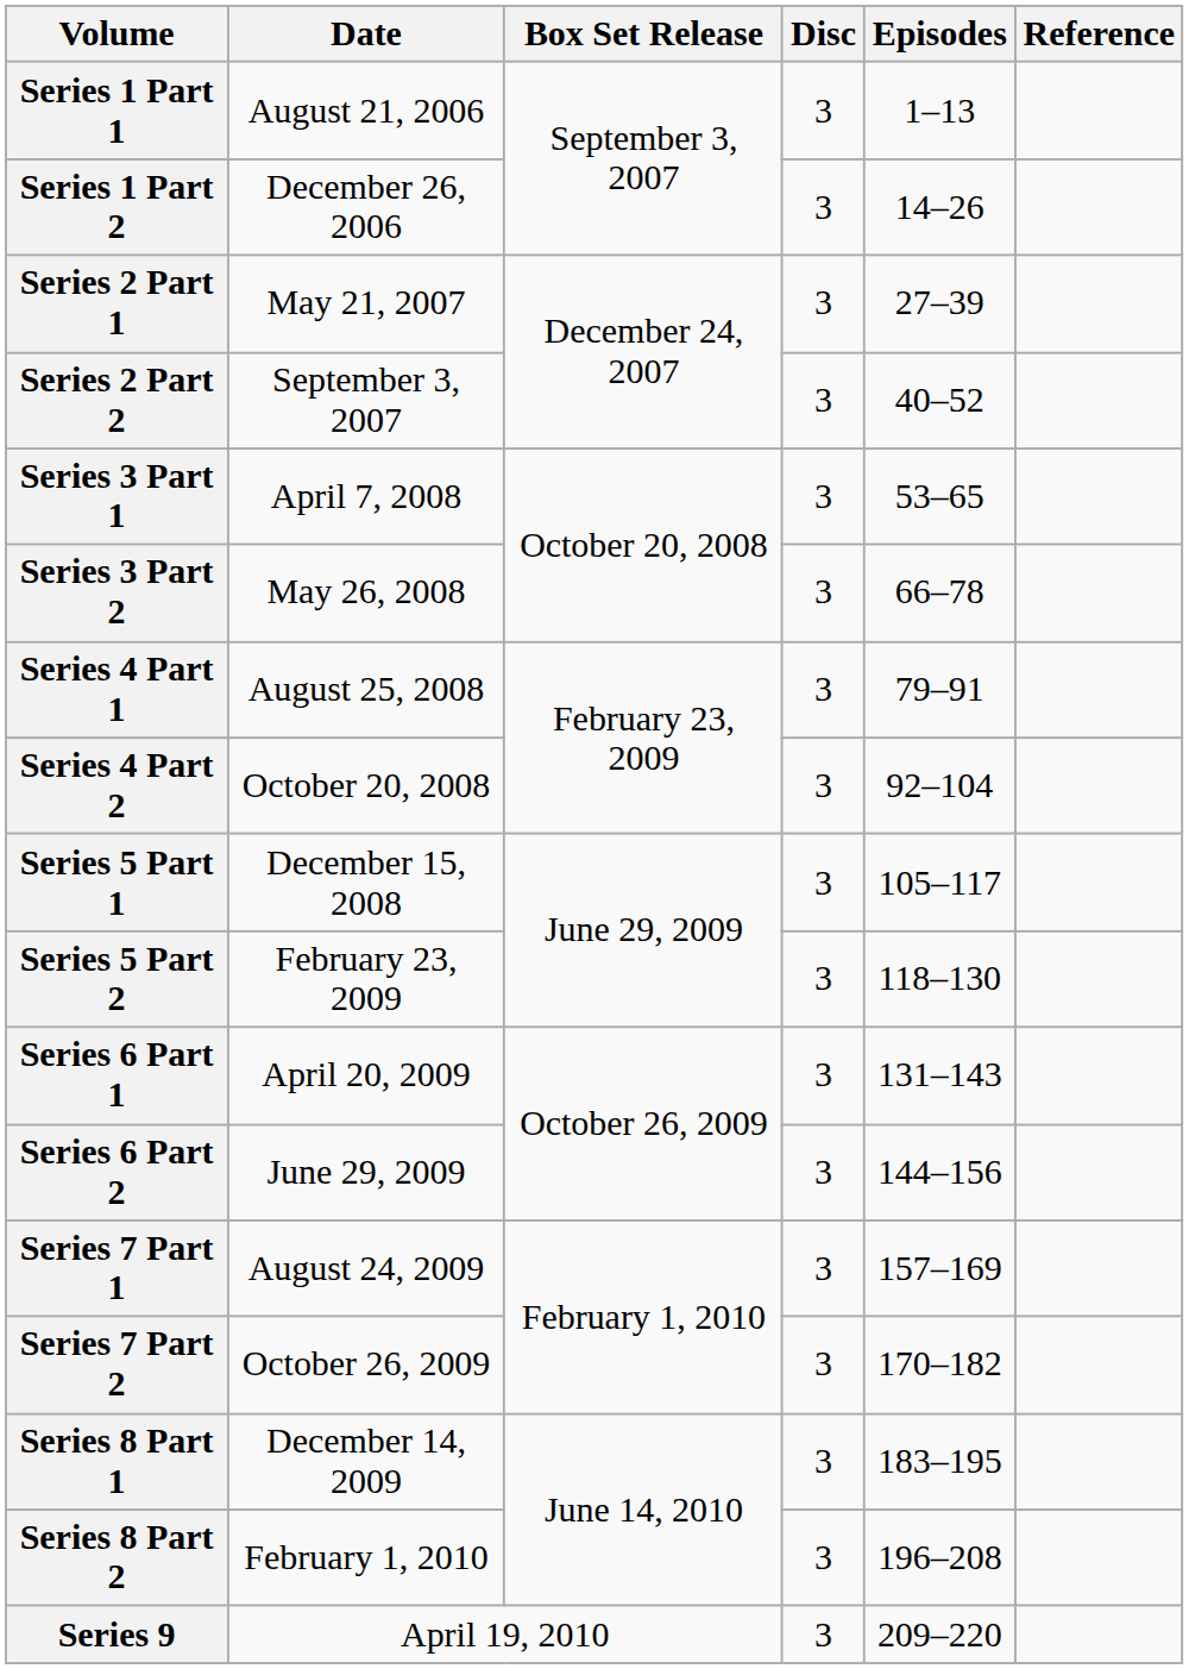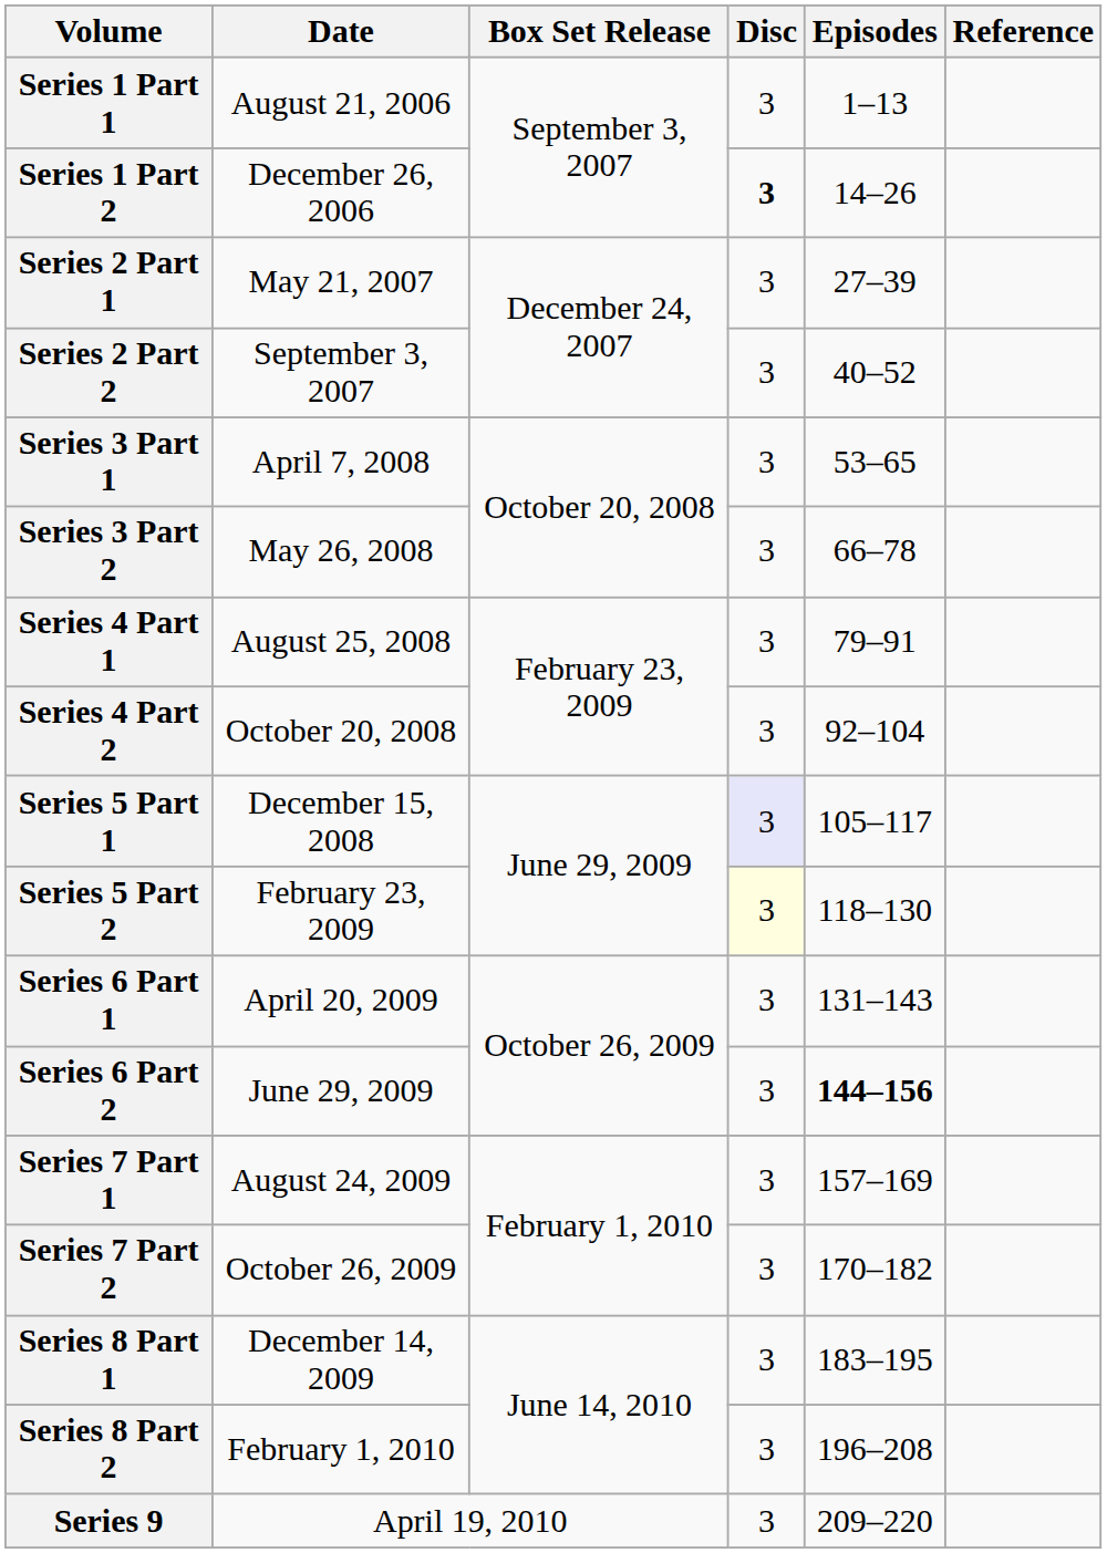 <table class="wikitable" style="text-align: center; width: 60%;">
 <tr>
 <th scope="col">Volume</th>
 <th scope="col">Date</th>
 <th scope="col">Box Set Release</th>
 <th scope="col">Disc</th>
 <th scope="col">Episodes</th>
 <th scope="col">Reference</th>
 </tr>
 <tr>
 <th scope="row">Series 1 Part 1</th>
 <td>August 21, 2006</td>
 <td rowspan="2">September 3, 2007</td>
 <td>3</td>
 <td>1–13</td>
 <td></td>
 </tr>
 <tr>
 <th scope="row">Series 1 Part 2</th>
 <td>December 26, 2006</td>
-<td>3</td>
+<td><strong>3</strong></td>
 <td>14–26</td>
 <td></td>
 </tr>
 <tr>
 <th scope="row">Series 2 Part 1</th>
 <td>May 21, 2007</td>
 <td rowspan="2">December 24, 2007</td>
 <td>3</td>
 <td>27–39</td>
 <td></td>
 </tr>
 <tr>
 <th scope="row">Series 2 Part 2</th>
 <td>September 3, 2007</td>
 <td>3</td>
 <td>40–52</td>
 <td></td>
 </tr>
 <tr>
 <th scope="row">Series 3 Part 1</th>
 <td>April 7, 2008</td>
 <td rowspan="2">October 20, 2008</td>
 <td>3</td>
 <td>53–65</td>
 <td></td>
 </tr>
 <tr>
 <th scope="row">Series 3 Part 2</th>
 <td>May 26, 2008</td>
 <td>3</td>
 <td>66–78</td>
 <td></td>
 </tr>
 <tr>
 <th scope="row">Series 4 Part 1</th>
 <td>August 25, 2008</td>
 <td rowspan="2">February 23, 2009</td>
 <td>3</td>
 <td>79–91</td>
 <td></td>
 </tr>
 <tr>
 <th scope="row">Series 4 Part 2</th>
 <td>October 20, 2008</td>
 <td>3</td>
 <td>92–104</td>
 <td></td>
 </tr>
 <tr>
 <th scope="row">Series 5 Part 1</th>
 <td>December 15, 2008</td>
 <td rowspan="2">June 29, 2009</td>
-<td>3</td>
+<td style="background: lavender;">3</td>
 <td>105–117</td>
 <td></td>
 </tr>
 <tr>
 <th scope="row">Series 5 Part 2</th>
 <td>February 23, 2009</td>
-<td>3</td>
+<td style="background: lightyellow;">3</td>
 <td>118–130</td>
 <td></td>
 </tr>
 <tr>
 <th scope="row">Series 6 Part 1</th>
 <td>April 20, 2009</td>
 <td rowspan="2">October 26, 2009</td>
 <td>3</td>
 <td>131–143</td>
 <td></td>
 </tr>
 <tr>
 <th scope="row">Series 6 Part 2</th>
 <td>June 29, 2009</td>
 <td>3</td>
-<td>144–156</td>
+<td><strong>144–156</strong></td>
 <td></td>
 </tr>
 <tr>
 <th scope="row">Series 7 Part 1</th>
 <td>August 24, 2009</td>
 <td rowspan="2">February 1, 2010</td>
 <td>3</td>
 <td>157–169</td>
 <td></td>
 </tr>
 <tr>
 <th scope="row">Series 7 Part 2</th>
 <td>October 26, 2009</td>
 <td>3</td>
 <td>170–182</td>
 <td></td>
 </tr>
 <tr>
 <th scope="row">Series 8 Part 1</th>
 <td>December 14, 2009</td>
 <td rowspan="2">June 14, 2010</td>
 <td>3</td>
 <td>183–195</td>
 <td></td>
 </tr>
 <tr>
 <th scope="row">Series 8 Part 2</th>
 <td>February 1, 2010</td>
 <td>3</td>
 <td>196–208</td>
 <td></td>
 </tr>
 <tr>
 <th scope="row">Series 9</th>
 <td colspan="2">April 19, 2010</td>
 <td>3</td>
 <td>209–220</td>
 <td></td>
 </tr>
 </table>
